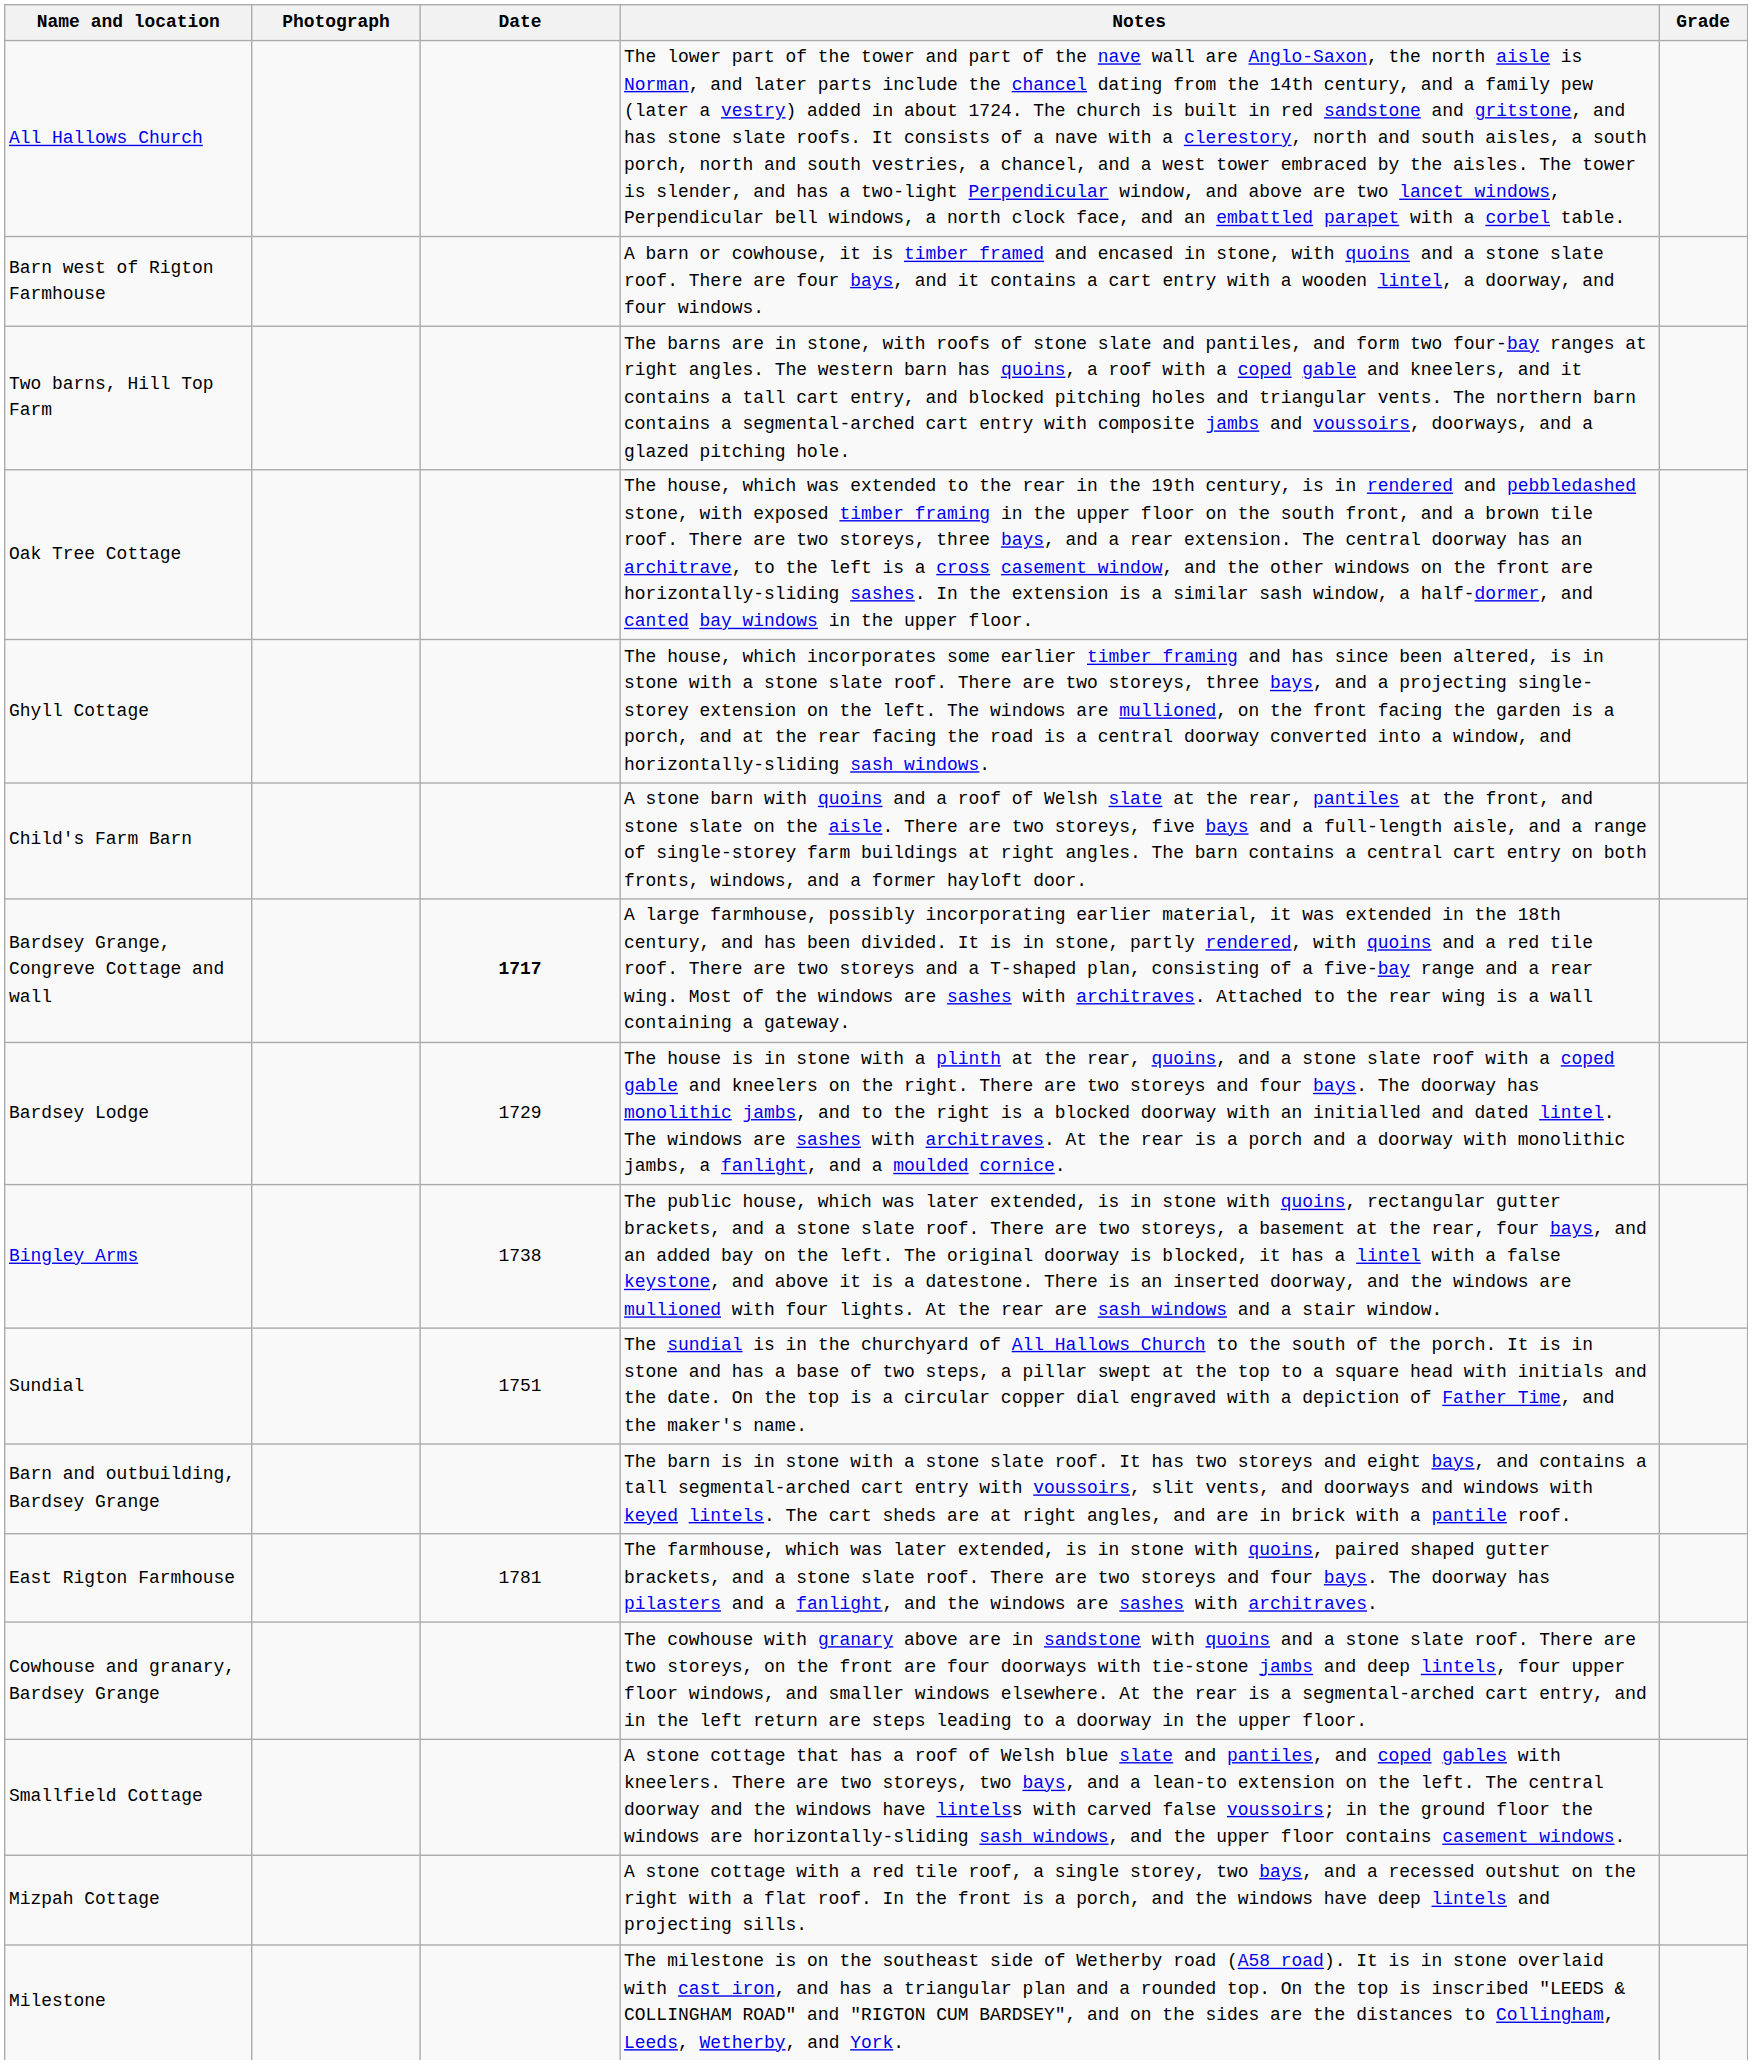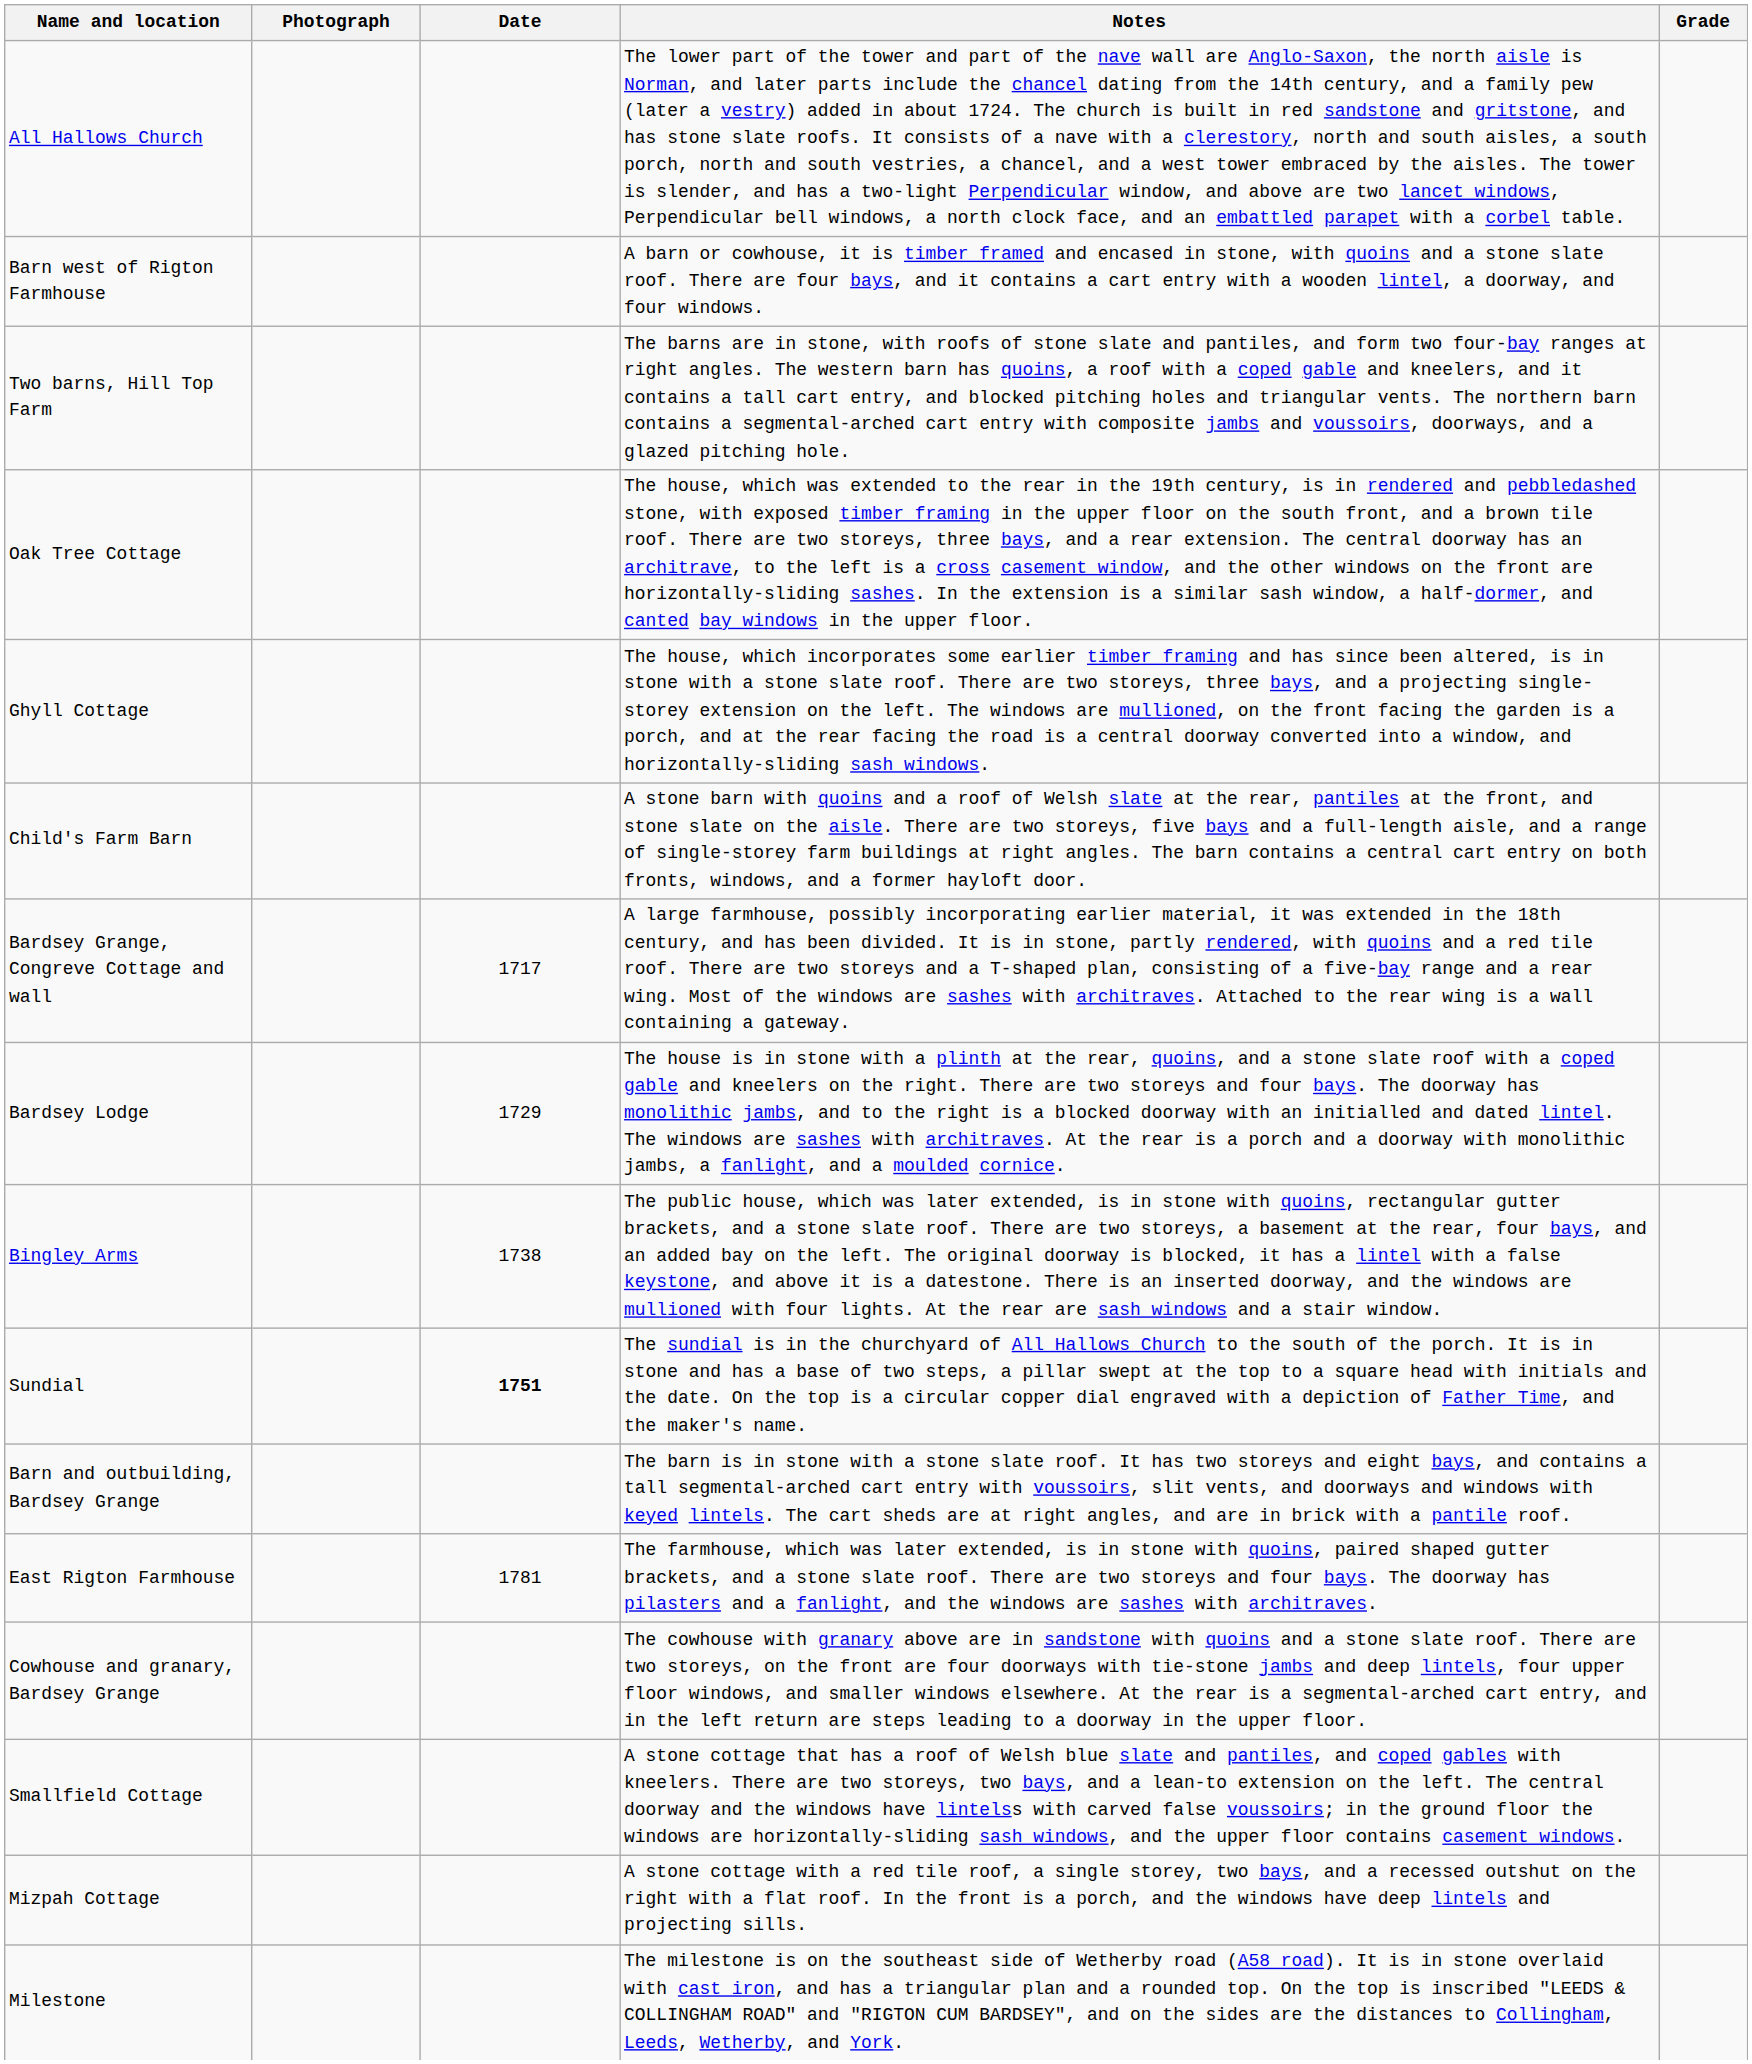 <table class="wikitable sortable plainrowheaders" style="width:100%; border:0; text-align:left; line-height:150%;">
 <tr>
 <th scope="col"  style="width:150px">Name and location</th>
 <th scope="col"  style="width:100px" class="unsortable">Photograph</th>
 <th scope="col"  style="width:120px">Date</th>
 <th scope="col"  style="width:650px" class="unsortable">Notes</th>
 <th scope="col"  style="width:50px">Grade</th>
 </tr>
 <tr>
 <td><a href='#'>All Hallows Church</a><br><small></small></td>
 <td></td>
 <td align="center"></td>
 <td>The lower part of the tower and part of the <a href='#'>nave</a> wall are <a href='#'>Anglo-Saxon</a>, the north <a href='#'>aisle</a> is <a href='#'>Norman</a>, and later parts include the <a href='#'>chancel</a> dating from the 14th century, and a family pew (later a <a href='#'>vestry</a>) added in about 1724.  The church is built in red <a href='#'>sandstone</a> and <a href='#'>gritstone</a>, and has stone slate roofs.  It consists of a nave with a <a href='#'>clerestory</a>, north and south aisles, a south porch, north and south vestries, a chancel, and a west tower embraced by the aisles.  The tower is slender, and has a two-light <a href='#'>Perpendicular</a> window, and above are two <a href='#'>lancet windows</a>, Perpendicular bell windows, a north clock face, and an <a href='#'>embattled</a> <a href='#'>parapet</a> with a <a href='#'>corbel</a> table.</td>
 <td align="center" ></td>
 </tr>
 <tr>
 <td>Barn west of Rigton Farmhouse<br><small></small></td>
 <td></td>
 <td align="center"></td>
 <td>A barn or cowhouse, it is <a href='#'>timber framed</a> and encased in stone, with <a href='#'>quoins</a> and a stone slate roof.  There are four <a href='#'>bays</a>, and it contains a cart entry with a wooden <a href='#'>lintel</a>, a doorway, and four windows.</td>
 <td align="center" ></td>
 </tr>
 <tr>
 <td>Two barns, Hill Top Farm<br><small></small></td>
 <td></td>
 <td align="center"></td>
 <td>The barns are in stone, with roofs of stone slate and pantiles, and form two four-<a href='#'>bay</a> ranges at right angles.  The western barn has <a href='#'>quoins</a>, a roof with a <a href='#'>coped</a> <a href='#'>gable</a> and kneelers, and it contains a tall cart entry, and blocked pitching holes and triangular vents.  The northern barn contains a segmental-arched cart entry with composite <a href='#'>jambs</a> and <a href='#'>voussoirs</a>, doorways, and a glazed pitching hole.</td>
 <td align="center" ></td>
 </tr>
 <tr>
 <td>Oak Tree Cottage<br><small></small></td>
 <td></td>
 <td align="center"></td>
 <td>The house, which was extended to the rear in the 19th century, is in <a href='#'>rendered</a> and <a href='#'>pebbledashed</a> stone, with exposed <a href='#'>timber framing</a> in the upper floor on the south front, and a brown tile roof.  There are two storeys, three <a href='#'>bays</a>, and a rear extension.  The central doorway has an <a href='#'>architrave</a>, to the left is a <a href='#'>cross</a> <a href='#'>casement window</a>, and the other windows on the front are horizontally-sliding <a href='#'>sashes</a>.  In the extension is a similar sash window, a half-<a href='#'>dormer</a>, and <a href='#'>canted</a> <a href='#'>bay windows</a> in the upper floor.</td>
 <td align="center" ></td>
 </tr>
 <tr>
 <td>Ghyll Cottage<br><small></small></td>
 <td></td>
 <td align="center"></td>
 <td>The house, which incorporates some earlier <a href='#'>timber framing</a> and has since been altered, is in stone with a stone slate roof.  There are two storeys, three <a href='#'>bays</a>, and a projecting single-storey extension on the left.  The windows are <a href='#'>mullioned</a>, on the front facing the garden is a porch, and at the rear facing the road is a central doorway converted into a window, and horizontally-sliding <a href='#'>sash windows</a>.</td>
 <td align="center" ></td>
 </tr>
 <tr>
 <td>Child's Farm Barn<br><small></small></td>
 <td></td>
 <td align="center"></td>
 <td>A stone barn with <a href='#'>quoins</a> and a roof of Welsh <a href='#'>slate</a> at the rear, <a href='#'>pantiles</a> at the front, and stone slate on the <a href='#'>aisle</a>.  There are two storeys, five <a href='#'>bays</a> and a full-length aisle, and a range of single-storey farm buildings at right angles.  The barn contains a central cart entry on both fronts, windows, and a former hayloft door.</td>
 <td align="center" ></td>
 </tr>
 <tr>
 <td>Bardsey Grange, Congreve Cottage and wall<br><small></small></td>
 <td></td>
-<td align="center"><strong>1717</strong></td>
+<td align="center">1717</td>
 <td>A large farmhouse, possibly incorporating earlier material, it was extended in the 18th century, and has been divided.  It is in stone, partly <a href='#'>rendered</a>, with <a href='#'>quoins</a> and a red tile roof.  There are two storeys and a T-shaped plan, consisting of a five-<a href='#'>bay</a> range and a rear wing.  Most of the windows are <a href='#'>sashes</a> with <a href='#'>architraves</a>.  Attached to the rear wing is a wall containing a gateway.</td>
 <td align="center" ></td>
 </tr>
 <tr>
 <td>Bardsey Lodge<br><small></small></td>
 <td></td>
 <td align="center">1729</td>
 <td>The house is in stone with a <a href='#'>plinth</a> at the rear, <a href='#'>quoins</a>, and a stone slate roof with a <a href='#'>coped</a> <a href='#'>gable</a> and kneelers on the right.  There are two storeys and four <a href='#'>bays</a>.  The doorway has <a href='#'>monolithic</a> <a href='#'>jambs</a>, and to the right is a blocked doorway with an initialled and dated <a href='#'>lintel</a>.  The windows are <a href='#'>sashes</a> with <a href='#'>architraves</a>.  At the rear is a porch and a doorway with monolithic jambs, a <a href='#'>fanlight</a>, and a <a href='#'>moulded</a> <a href='#'>cornice</a>.</td>
 <td align="center" ></td>
 </tr>
 <tr>
 <td><a href='#'>Bingley Arms</a><br><small></small></td>
 <td></td>
 <td align="center">1738</td>
 <td>The public house, which was later extended, is in stone with <a href='#'>quoins</a>, rectangular gutter brackets, and a stone slate roof.  There are two storeys, a basement at the rear, four <a href='#'>bays</a>, and an added bay on the left.  The original doorway is blocked, it has a <a href='#'>lintel</a> with a false <a href='#'>keystone</a>, and above it is a datestone.  There is an inserted doorway, and the windows are <a href='#'>mullioned</a> with four lights.  At the rear are <a href='#'>sash windows</a> and a stair window.</td>
 <td align="center" ></td>
 </tr>
 <tr>
 <td>Sundial<br><small></small></td>
 <td></td>
-<td align="center">1751</td>
+<td align="center"><strong>1751</strong></td>
 <td>The <a href='#'>sundial</a> is in the churchyard of <a href='#'>All Hallows Church</a> to the south of the porch.  It is in stone and has a base of two steps, a pillar swept at the top to a square head with initials and the date.  On the top is a circular copper dial engraved with a depiction of <a href='#'>Father Time</a>, and the maker's name.</td>
 <td align="center" ></td>
 </tr>
 <tr>
 <td>Barn and outbuilding,<br>Bardsey Grange<br><small></small></td>
 <td></td>
 <td align="center"></td>
 <td>The barn is in stone with a stone slate roof.  It has two storeys and eight <a href='#'>bays</a>, and contains a tall segmental-arched cart entry with <a href='#'>voussoirs</a>, slit vents, and doorways and windows with <a href='#'>keyed</a> <a href='#'>lintels</a>.  The cart sheds are at right angles, and are in brick with a <a href='#'>pantile</a> roof.</td>
 <td align="center" ></td>
 </tr>
 <tr>
 <td>East Rigton Farmhouse<br><small></small></td>
 <td></td>
 <td align="center">1781</td>
 <td>The farmhouse, which was later extended, is in stone with <a href='#'>quoins</a>, paired shaped gutter brackets, and a stone slate roof.  There are two storeys and four <a href='#'>bays</a>.  The doorway has <a href='#'>pilasters</a> and a <a href='#'>fanlight</a>, and the windows are <a href='#'>sashes</a> with <a href='#'>architraves</a>.</td>
 <td align="center" ></td>
 </tr>
 <tr>
 <td>Cowhouse and granary,<br>Bardsey Grange<br><small></small></td>
 <td></td>
 <td align="center"></td>
 <td>The cowhouse with <a href='#'>granary</a> above are in <a href='#'>sandstone</a> with <a href='#'>quoins</a> and a stone slate roof.  There are two storeys, on the front are four doorways with tie-stone <a href='#'>jambs</a> and deep <a href='#'>lintels</a>, four upper floor windows, and smaller windows elsewhere.  At the rear is a segmental-arched cart entry, and in the left return are steps leading to a doorway in the upper floor.</td>
 <td align="center" ></td>
 </tr>
 <tr>
 <td>Smallfield Cottage<br><small></small></td>
 <td></td>
 <td align="center"></td>
 <td>A stone cottage that has a roof of Welsh blue <a href='#'>slate</a> and <a href='#'>pantiles</a>, and <a href='#'>coped</a> <a href='#'>gables</a> with kneelers.  There are two storeys, two <a href='#'>bays</a>, and a lean-to extension on the left.  The central doorway and the windows have <a href='#'>lintels</a>s with carved false <a href='#'>voussoirs</a>; in the ground floor the windows are horizontally-sliding <a href='#'>sash windows</a>, and the upper floor contains <a href='#'>casement windows</a>.</td>
 <td align="center" ></td>
 </tr>
 <tr>
 <td>Mizpah Cottage<br><small></small></td>
 <td></td>
 <td align="center"></td>
 <td>A stone cottage with a red tile roof, a single storey, two <a href='#'>bays</a>, and a recessed outshut on the right with a flat roof.  In the front is a porch, and the windows have deep <a href='#'>lintels</a> and projecting sills.</td>
 <td align="center" ></td>
 </tr>
 <tr>
 <td>Milestone<br><small></small></td>
 <td></td>
 <td align="center"></td>
 <td>The milestone is on the southeast side of Wetherby road (<a href='#'>A58 road</a>).  It is in stone overlaid with <a href='#'>cast iron</a>, and has a triangular plan and a rounded top.  On the top is inscribed "LEEDS & COLLINGHAM ROAD" and "RIGTON CUM BARDSEY", and on the sides are the distances to <a href='#'>Collingham</a>, <a href='#'>Leeds</a>, <a href='#'>Wetherby</a>, and <a href='#'>York</a>.</td>
 <td align="center" ></td>
 </tr>
 <tr>
 </tr>
 </table>
